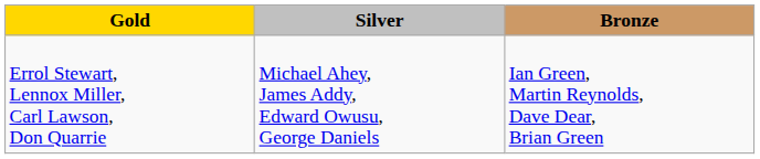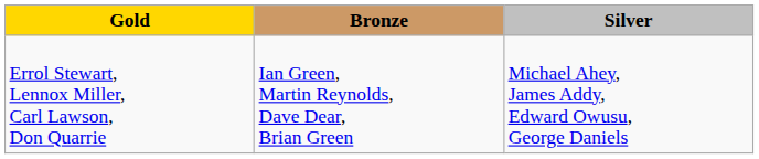 <table class="wikitable">
 <tr>
 <th scope=col style="background-color:gold; width:200px;">Gold</th>
+<th scope=col style="background-color:#cc9966; width:200px;">Bronze</th>
 <th scope=col style="background-color:silver; width:200px;">Silver</th>
-<th scope=col style="background-color:#cc9966; width:200px;">Bronze</th>
 </tr>
 <tr>
 <td><em></em><br><a href='#'>Errol Stewart</a>,<br><a href='#'>Lennox Miller</a>,<br><a href='#'>Carl Lawson</a>,<br><a href='#'>Don Quarrie</a></td>
+<td><em></em><br><a href='#'>Ian Green</a>,<br><a href='#'>Martin Reynolds</a>,<br><a href='#'>Dave Dear</a>,<br><a href='#'>Brian Green</a></td>
 <td><em></em><br><a href='#'>Michael Ahey</a>,<br><a href='#'>James Addy</a>,<br><a href='#'>Edward Owusu</a>,<br><a href='#'>George Daniels</a></td>
-<td><em></em><br><a href='#'>Ian Green</a>,<br><a href='#'>Martin Reynolds</a>,<br><a href='#'>Dave Dear</a>,<br><a href='#'>Brian Green</a></td>
 </tr>
 </table>
